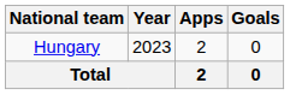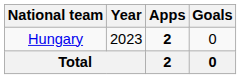 <table class=wikitable style=text-align:center>
 <tr>
 <th>National team</th>
 <th>Year</th>
 <th>Apps</th>
 <th>Goals</th>
 </tr>
 <tr>
 <td><a href='#'>Hungary</a></td>
 <td>2023</td>
-<td>2</td>
+<td><strong>2</strong></td>
 <td>0</td>
 </tr>
 <tr>
 <th colspan="2">Total</th>
 <th>2</th>
 <th>0</th>
 </tr>
 </table>
